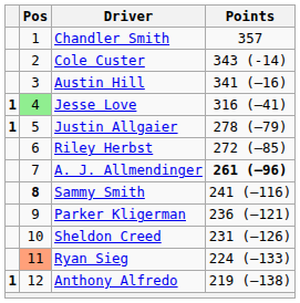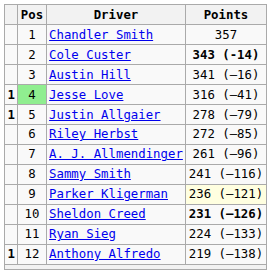 <table class="wikitable" style="font-size: 95%;">
 <tr>
 <th></th>
 <th>Pos</th>
 <th>Driver</th>
 <th>Points</th>
 </tr>
 <tr>
 <td align="left"></td>
 <td style="text-align:center;">1</td>
 <td><a href='#'>Chandler Smith</a></td>
 <td style="text-align:center;">357</td>
 </tr>
 <tr>
 <td align="left"></td>
 <td style="text-align:center;">2</td>
 <td><a href='#'>Cole Custer</a></td>
-<td style="text-align:center;">343 (-14)</td>
+<td style="text-align:center;"><strong>343 (-14)</strong></td>
 </tr>
 <tr>
 <td align="left"></td>
 <td style="text-align:center;">3</td>
 <td><a href='#'>Austin Hill</a></td>
 <td style="text-align:center;">341 (–16)</td>
 </tr>
 <tr>
 <td align="left"> <strong>1</strong></td>
 <td style="background: lightgreen; text-align:center;">4</td>
 <td><a href='#'>Jesse Love</a></td>
 <td style="text-align:center;">316 (–41)</td>
 </tr>
 <tr>
 <td align="left"> <strong>1</strong></td>
 <td style="text-align:center;">5</td>
 <td><a href='#'>Justin Allgaier</a></td>
 <td style="text-align:center;">278 (–79)</td>
 </tr>
 <tr>
 <td align="left"></td>
 <td style="text-align:center;">6</td>
 <td><a href='#'>Riley Herbst</a></td>
 <td style="text-align:center;">272 (–85)</td>
 </tr>
 <tr>
 <td align="left"></td>
 <td style="text-align:center;">7</td>
 <td><a href='#'>A. J. Allmendinger</a></td>
-<td style="text-align:center;"><strong>261 (–96)</strong></td>
+<td style="text-align:center;">261 (–96)</td>
 </tr>
 <tr>
 <td align="left"></td>
-<td style="text-align:center;"><strong>8</strong></td>
+<td style="text-align:center;">8</td>
 <td><a href='#'>Sammy Smith</a></td>
 <td style="text-align:center;">241 (–116)</td>
 </tr>
 <tr>
 <td align="left"></td>
 <td style="text-align:center;">9</td>
 <td><a href='#'>Parker Kligerman</a></td>
-<td style="text-align:center;">236 (–121)</td>
+<td style="background: lightyellow; text-align:center;">236 (–121)</td>
 </tr>
 <tr>
 <td align="left"></td>
 <td style="text-align:center;">10</td>
 <td><a href='#'>Sheldon Creed</a></td>
-<td style="text-align:center;">231 (–126)</td>
+<td style="text-align:center;"><strong>231 (–126)</strong></td>
 </tr>
 <tr>
 <td align="left"></td>
-<td style="background: lightsalmon; text-align:center;">11</td>
+<td style="text-align:center;">11</td>
 <td><a href='#'>Ryan Sieg</a></td>
 <td style="text-align:center;">224 (–133)</td>
 </tr>
 <tr>
 <td align="left"> <strong>1</strong></td>
 <td style="text-align:center;">12</td>
 <td><a href='#'>Anthony Alfredo</a></td>
 <td style="text-align:center;">219 (–138)</td>
 </tr>
 <tr class="sortbottom">
 <th colspan="9"></th>
 </tr>
 </table>
